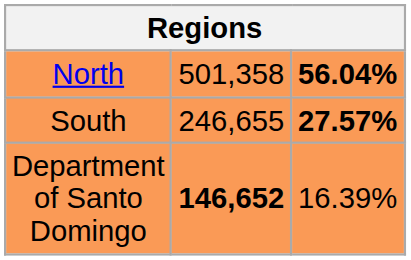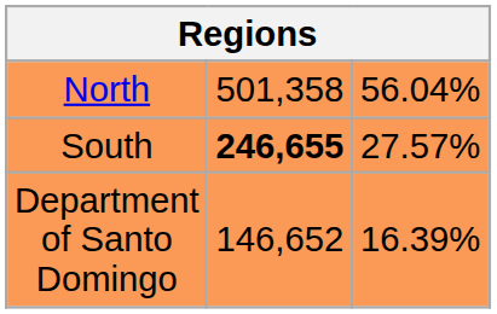 <table class="wikitable" id="cx9" style="text-align:center;clear:all; margin-right:8px; font-size:85%;" width="24%">
 <tr>
 <th colspan="8">Regions</th>
 </tr>
 <tr bgcolor="#FA9A56">
 <td><a href='#'>North</a></td>
 <td align="center">501,358</td>
-<td align="center"><strong>56.04%</strong></td>
+<td align="center">56.04%</td>
 </tr>
 <tr bgcolor="#FA9A56">
 <td>South</td>
-<td align="center">246,655</td>
-<td align="center"><strong>27.57%</strong></td>
+<td align="center"><strong>246,655</strong></td>
+<td align="center">27.57%</td>
 </tr>
 <tr bgcolor="#FA9A56">
 <td>Department of Santo Domingo</td>
-<td align="center"><strong>146,652</strong></td>
+<td align="center">146,652</td>
 <td align="center">16.39%</td>
 </tr>
 </table>
